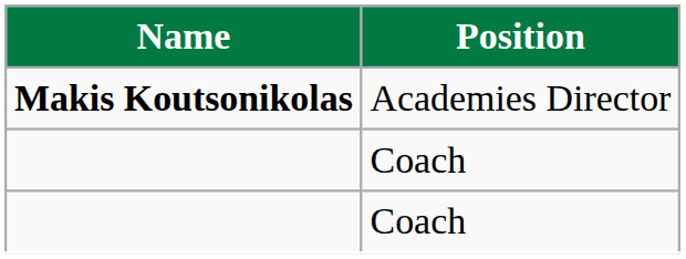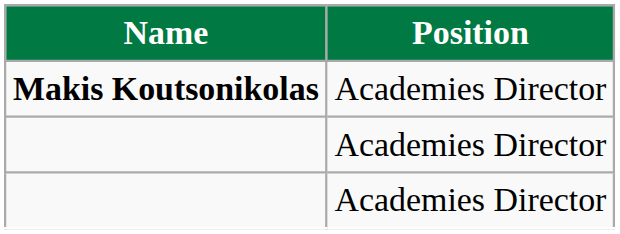 <table class="wikitable" bgcolor="#ffffff" cellpadding="3" cellspacing="0" border="1" style="font-size: 95%; border: white solid 1px; border-collapse: collapse;">
 <tr style="color: #fff;background:#007942">
 <td align=center><strong>Name</strong></td>
 <td align=center><strong>Position</strong></td>
 </tr>
 <tr>
 <td><strong> Makis Koutsonikolas</strong></td>
 <td>Academies Director</td>
 </tr>
 <tr>
 <td></td>
-<td>Coach</td>
+<td>Academies Director</td>
 </tr>
 <tr>
 <td></td>
-<td>Coach</td>
+<td>Academies Director</td>
 </tr>
 <tr>
 </tr>
 </table>
